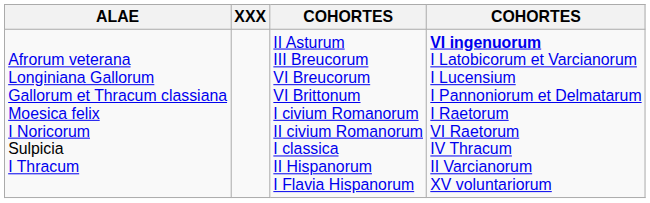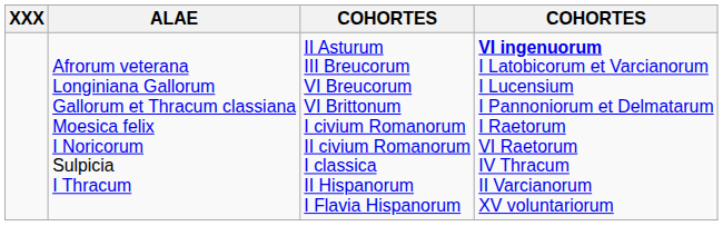 <table class=wikitable>
 <tr>
+<th>XXX</th>
 <th>ALAE</th>
-<th>XXX</th>
 <th>COHORTES</th>
 <th>COHORTES</th>
 </tr>
 <tr>
+<td></td>
 <td><a href='#'>Afrorum veterana</a><br><a href='#'>Longiniana Gallorum</a><br><a href='#'>Gallorum et Thracum classiana</a><br><a href='#'>Moesica felix</a><br><a href='#'>I Noricorum</a> <br>Sulpicia <br><a href='#'>I Thracum</a></td>
-<td></td>
 <td><a href='#'>II Asturum</a><br><a href='#'>III Breucorum</a><br><a href='#'>VI Breucorum</a> <br><a href='#'>VI Brittonum</a><br><a href='#'>I civium Romanorum</a> <br><a href='#'>II civium Romanorum</a> <br><a href='#'>I classica</a><br><a href='#'>II Hispanorum</a><br><a href='#'>I Flavia Hispanorum</a> </td>
 <td><strong><a href='#'>VI ingenuorum</a> </strong><br><a href='#'>I Latobicorum et Varcianorum</a> <br><a href='#'>I Lucensium</a><br><a href='#'>I Pannoniorum et Delmatarum</a> <br><a href='#'>I Raetorum</a>  <br><a href='#'>VI Raetorum</a><br><a href='#'>IV Thracum</a> <br><a href='#'>II Varcianorum</a> <br><a href='#'>XV voluntariorum</a> </td>
 </tr>
 </table>
